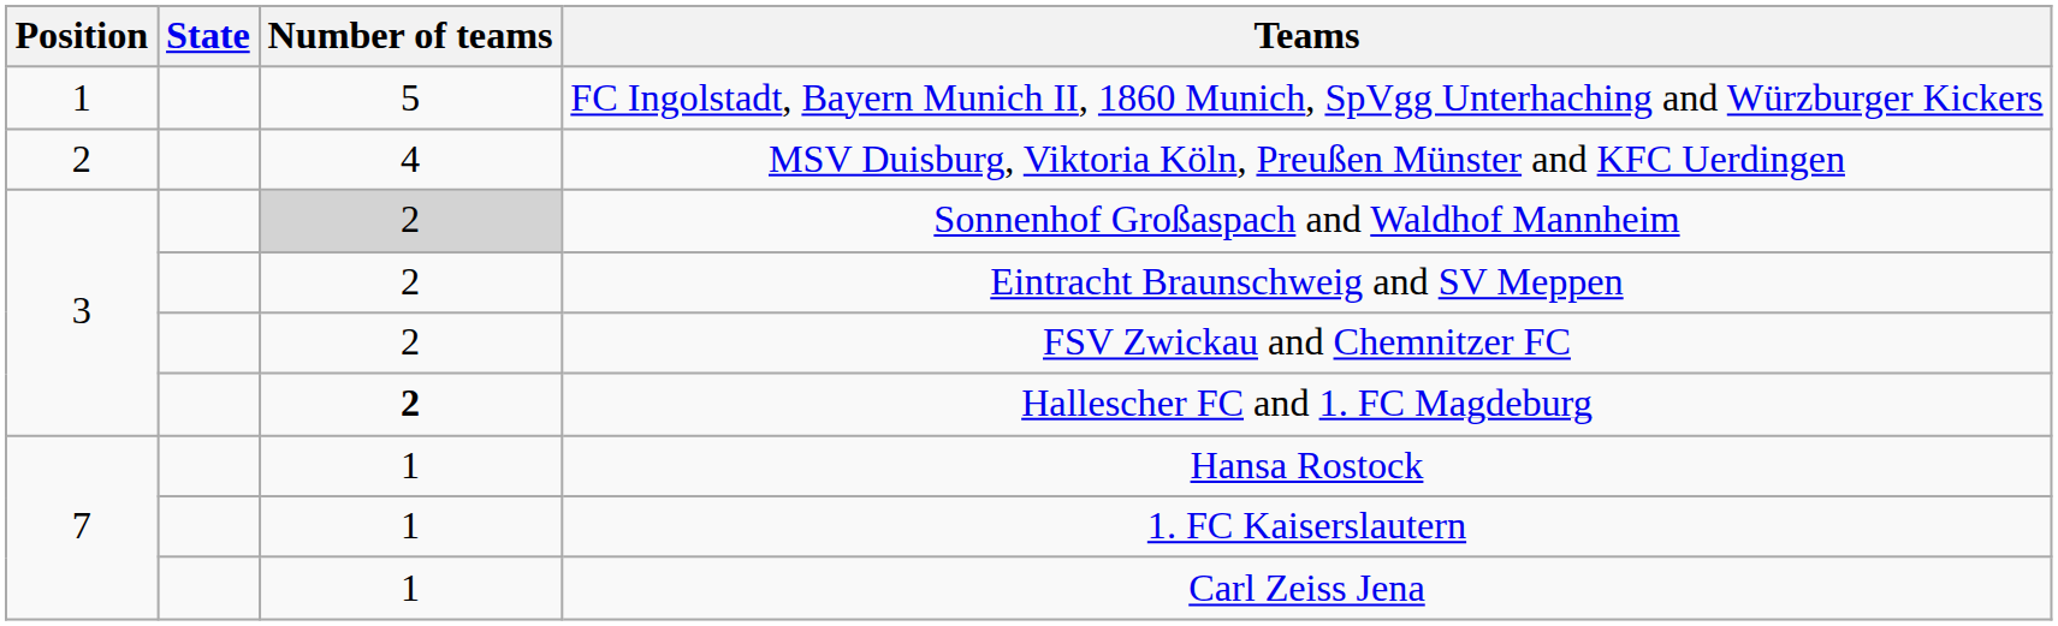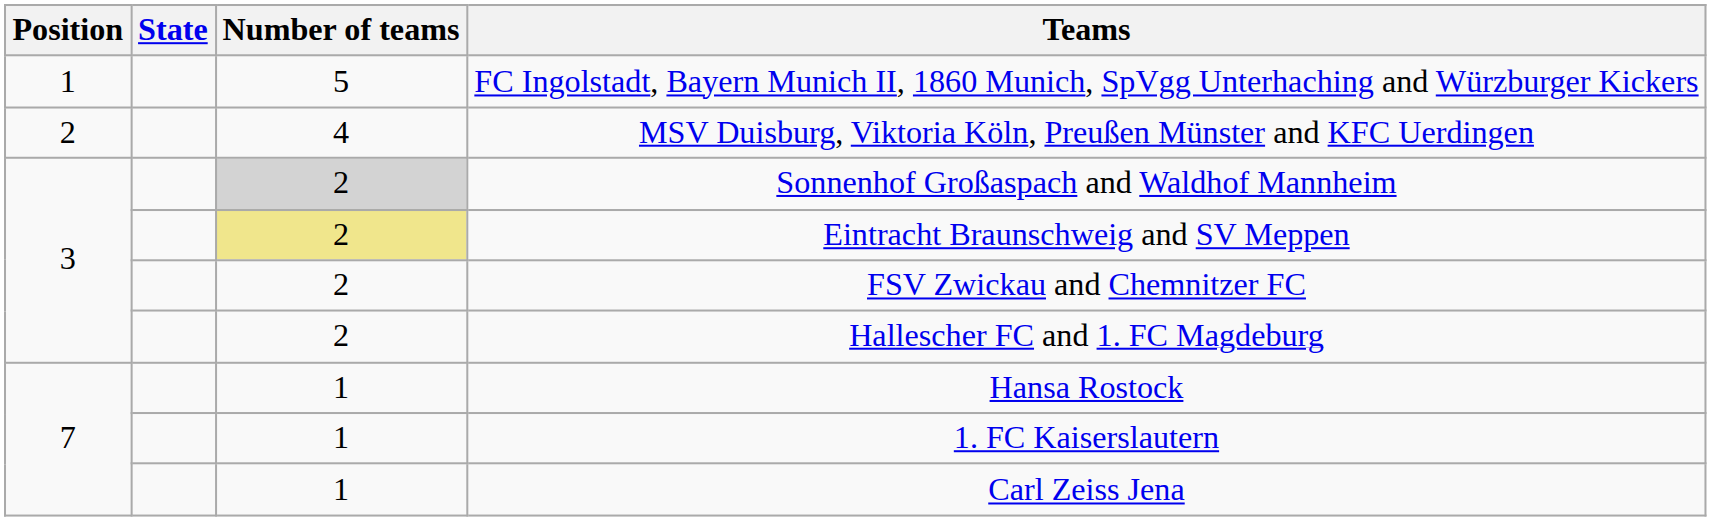 <table class="wikitable">
 <tr>
 <th>Position</th>
 <th><a href='#'>State</a></th>
 <th>Number of teams</th>
 <th>Teams</th>
 </tr>
 <tr>
 <td align=center>1</td>
 <td></td>
 <td align=center>5</td>
 <td align=center><a href='#'>FC Ingolstadt</a>, <a href='#'>Bayern Munich II</a>, <a href='#'>1860 Munich</a>, <a href='#'>SpVgg Unterhaching</a> and <a href='#'>Würzburger Kickers</a></td>
 </tr>
 <tr>
 <td align=center>2</td>
 <td></td>
 <td align=center>4</td>
 <td align=center><a href='#'>MSV Duisburg</a>, <a href='#'>Viktoria Köln</a>, <a href='#'>Preußen Münster</a> and <a href='#'>KFC Uerdingen</a></td>
 </tr>
 <tr>
 <td align=center rowspan=4>3</td>
 <td></td>
 <td align=center style="background: lightgrey;">2</td>
 <td align=center><a href='#'>Sonnenhof Großaspach</a> and <a href='#'>Waldhof Mannheim</a></td>
 </tr>
 <tr>
 <td></td>
-<td align=center>2</td>
+<td align=center style="background: khaki;">2</td>
 <td align=center><a href='#'>Eintracht Braunschweig</a> and <a href='#'>SV Meppen</a></td>
 </tr>
 <tr>
 <td></td>
 <td align=center>2</td>
 <td align=center><a href='#'>FSV Zwickau</a> and <a href='#'>Chemnitzer FC</a></td>
 </tr>
 <tr>
 <td></td>
-<td align=center><strong>2</strong></td>
+<td align=center>2</td>
 <td align=center><a href='#'>Hallescher FC</a> and <a href='#'>1. FC Magdeburg</a></td>
 </tr>
 <tr>
 <td align=center rowspan=3>7</td>
 <td></td>
 <td align=center>1</td>
 <td align=center><a href='#'>Hansa Rostock</a></td>
 </tr>
 <tr>
 <td></td>
 <td align=center>1</td>
 <td align=center><a href='#'>1. FC Kaiserslautern</a></td>
 </tr>
 <tr>
 <td></td>
 <td align=center>1</td>
 <td align=center><a href='#'>Carl Zeiss Jena</a></td>
 </tr>
 </table>
